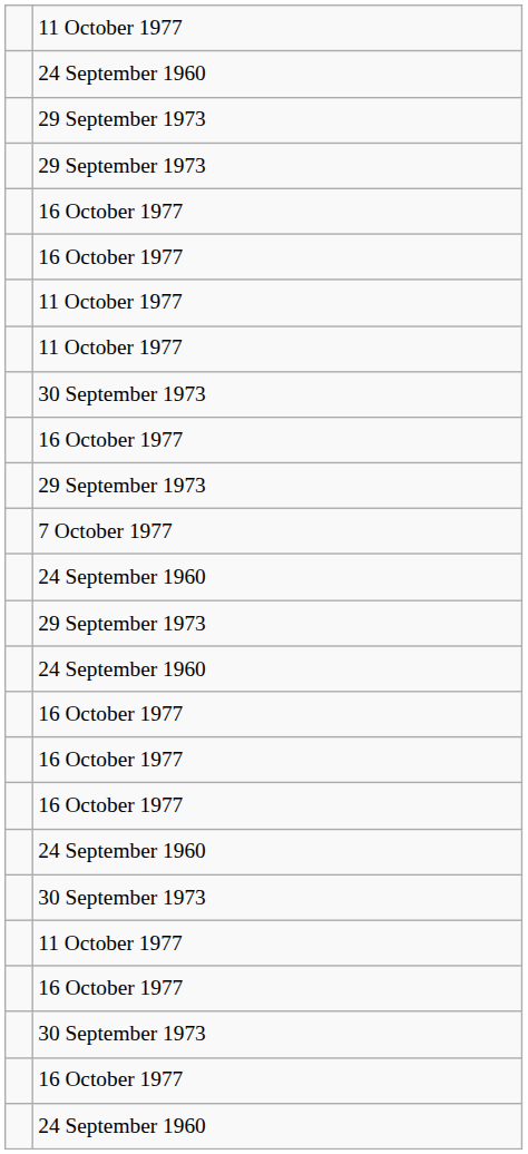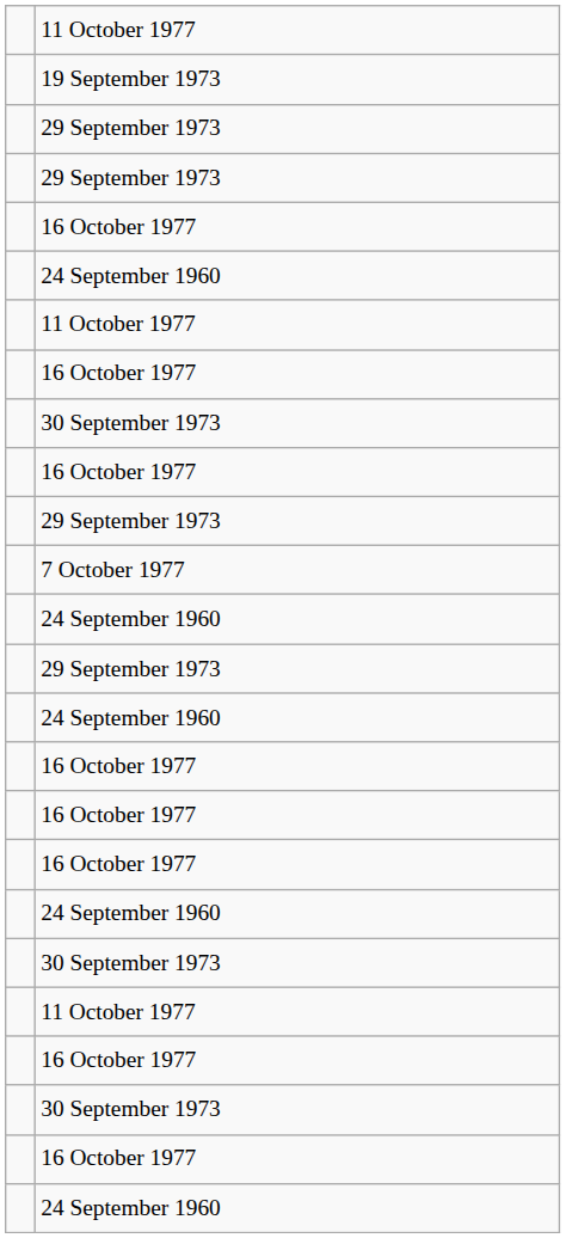 <table class="wikitable" style="font-size: 89%; float: left; width: 24em; margin-right: 1em; line-height: 1.65em">
 <tr>
 <td></td>
 <td>11 October 1977</td>
 </tr>
 <tr>
 <td></td>
-<td>24 September 1960</td>
+<td>19 September 1973</td>
 </tr>
 <tr>
 <td></td>
 <td>29 September 1973</td>
 </tr>
 <tr>
 <td></td>
 <td>29 September 1973</td>
 </tr>
 <tr>
 <td></td>
 <td>16 October 1977</td>
 </tr>
 <tr>
 <td></td>
-<td>16 October 1977</td>
+<td>24 September 1960</td>
 </tr>
 <tr>
 <td></td>
 <td>11 October 1977</td>
 </tr>
 <tr>
 <td></td>
-<td>11 October 1977</td>
+<td>16 October 1977</td>
 </tr>
 <tr>
 <td></td>
 <td>30 September 1973</td>
 </tr>
 <tr>
 <td></td>
 <td>16 October 1977</td>
 </tr>
 <tr>
 <td></td>
 <td>29 September 1973</td>
 </tr>
 <tr>
 <td></td>
 <td>7 October 1977</td>
 </tr>
 <tr>
 <td></td>
 <td>24 September 1960</td>
 </tr>
 <tr>
 <td></td>
 <td>29 September 1973</td>
 </tr>
 <tr>
 <td></td>
 <td>24 September 1960</td>
 </tr>
 <tr>
 <td></td>
 <td>16 October 1977</td>
 </tr>
 <tr>
 <td></td>
 <td>16 October 1977</td>
 </tr>
 <tr>
 <td></td>
 <td>16 October 1977</td>
 </tr>
 <tr>
 <td></td>
 <td>24 September 1960</td>
 </tr>
 <tr>
 <td></td>
 <td>30 September 1973</td>
 </tr>
 <tr>
 <td></td>
 <td>11 October 1977</td>
 </tr>
 <tr>
 <td></td>
 <td>16 October 1977</td>
 </tr>
 <tr>
 <td></td>
 <td>30 September 1973</td>
 </tr>
 <tr>
 <td></td>
 <td>16 October 1977</td>
 </tr>
 <tr>
 <td></td>
 <td>24 September 1960</td>
 </tr>
 </table>
